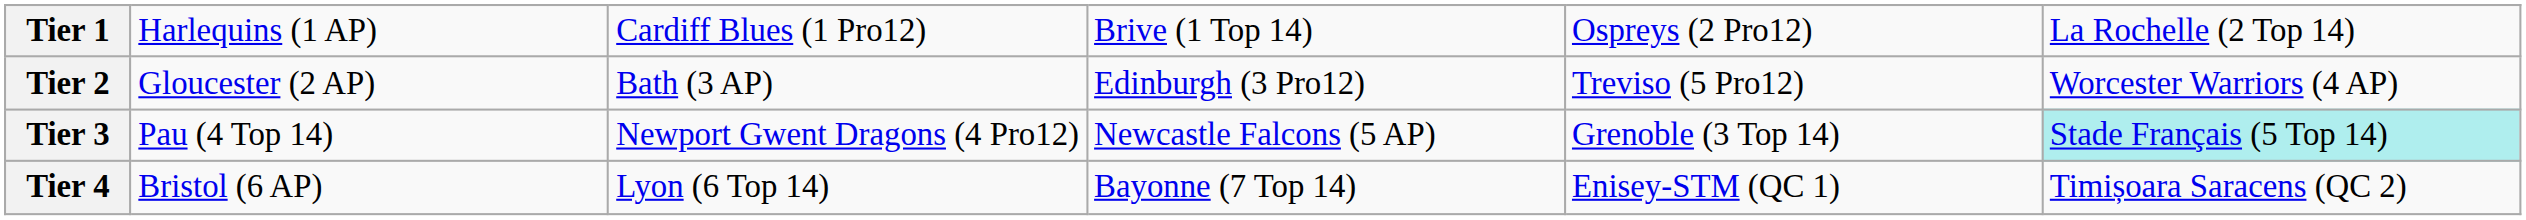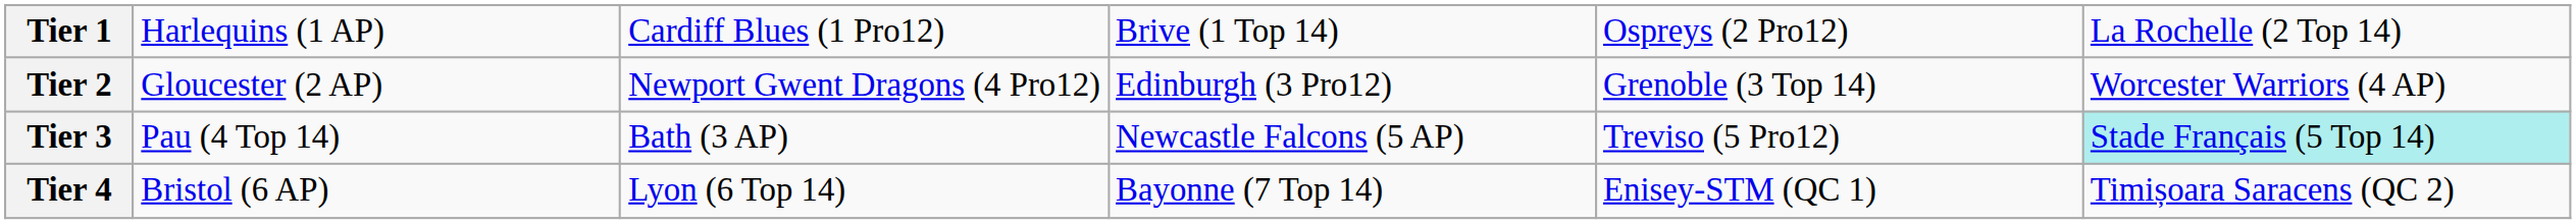 <table class="wikitable">
 <tr>
 <th width=5%>Tier 1</th>
 <td width=19%> <a href='#'>Harlequins</a> (1 AP)</td>
 <td width=19%> <a href='#'>Cardiff Blues</a> (1 Pro12)</td>
 <td width=19%> <a href='#'>Brive</a> (1 Top 14)</td>
 <td width=19%> <a href='#'>Ospreys</a> (2 Pro12)</td>
 <td width=19%> <a href='#'>La Rochelle</a> (2 Top 14)</td>
 </tr>
 <tr>
 <th width=5%>Tier 2</th>
 <td width=19%> <a href='#'>Gloucester</a> (2 AP)</td>
-<td width=19%> <a href='#'>Bath</a> (3 AP)</td>
+<td width=19%> <a href='#'>Newport Gwent Dragons</a> (4 Pro12)</td>
 <td width=19%> <a href='#'>Edinburgh</a> (3 Pro12)</td>
-<td width=19%> <a href='#'>Treviso</a> (5 Pro12)</td>
+<td width=19%> <a href='#'>Grenoble</a> (3 Top 14)</td>
 <td width=19%> <a href='#'>Worcester Warriors</a> (4 AP)</td>
 </tr>
 <tr>
 <th width=5%>Tier 3</th>
 <td width=19%> <a href='#'>Pau</a> (4 Top 14)</td>
-<td width=19%> <a href='#'>Newport Gwent Dragons</a> (4 Pro12)</td>
+<td width=19%> <a href='#'>Bath</a> (3 AP)</td>
 <td width=19%> <a href='#'>Newcastle Falcons</a> (5 AP)</td>
-<td width=19%> <a href='#'>Grenoble</a> (3 Top 14)</td>
+<td width=19%> <a href='#'>Treviso</a> (5 Pro12)</td>
 <td width=19% style="background: paleturquoise;"> <a href='#'>Stade Français</a> (5 Top 14)</td>
 </tr>
 <tr>
 <th width=5%>Tier 4</th>
 <td width=19%> <a href='#'>Bristol</a> (6 AP)</td>
 <td width=19%> <a href='#'>Lyon</a> (6 Top 14)</td>
 <td width=19%> <a href='#'>Bayonne</a> (7 Top 14)</td>
 <td width=19%> <a href='#'>Enisey-STM</a> (QC 1)</td>
 <td width=19%> <a href='#'>Timișoara Saracens</a> (QC 2)</td>
 </tr>
 </table>
